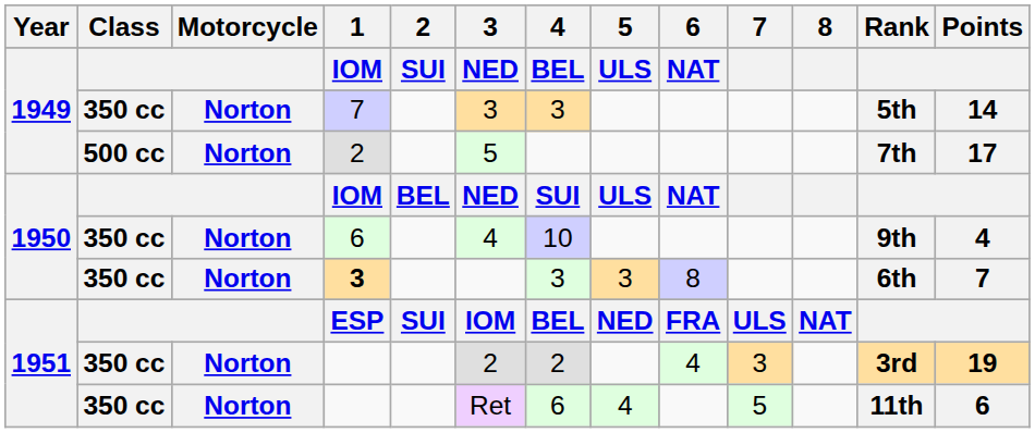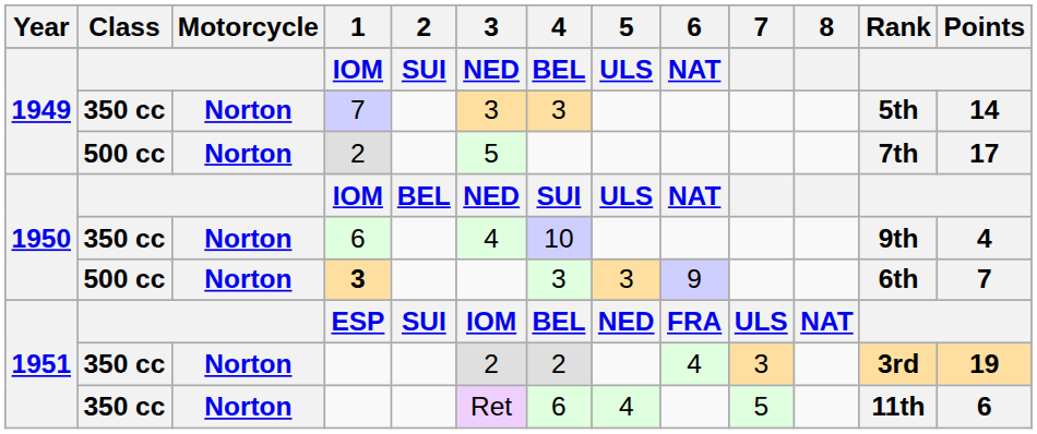 <table class="wikitable" style="text-align:center; font-size:90%">
 <tr>
 <th>Year</th>
 <th>Class</th>
 <th>Motorcycle</th>
 <th>1</th>
 <th>2</th>
 <th>3</th>
 <th>4</th>
 <th>5</th>
 <th>6</th>
 <th>7</th>
 <th>8</th>
 <th>Rank</th>
 <th>Points</th>
 </tr>
 <tr>
 <th rowspan=3><a href='#'>1949</a></th>
 <th colspan=2></th>
 <th><a href='#'>IOM</a></th>
 <th><a href='#'>SUI</a></th>
 <th><a href='#'>NED</a></th>
 <th><a href='#'>BEL</a></th>
 <th><a href='#'>ULS</a></th>
 <th><a href='#'>NAT</a></th>
 <th></th>
 <th></th>
 <th colspan=2></th>
 </tr>
 <tr>
 <th>350 cc</th>
 <th><a href='#'>Norton</a></th>
 <td style="background:#cfcfff;">7</td>
 <td></td>
 <td style="background:#FFDF9F;">3</td>
 <td style="background:#FFDF9F;">3</td>
 <td></td>
 <td></td>
 <td></td>
 <td></td>
 <th>5th</th>
 <th>14</th>
 </tr>
 <tr>
 <th>500 cc</th>
 <th><a href='#'>Norton</a></th>
 <td style="background:#DFDFDF;">2</td>
 <td></td>
 <td style="background:#DFFFDF;">5</td>
 <td></td>
 <td></td>
 <td></td>
 <td></td>
 <td></td>
 <th>7th</th>
 <th>17</th>
 </tr>
 <tr>
 <th rowspan=3><a href='#'>1950</a></th>
 <th colspan=2></th>
 <th><a href='#'>IOM</a></th>
 <th><a href='#'>BEL</a></th>
 <th><a href='#'>NED</a></th>
 <th><a href='#'>SUI</a></th>
 <th><a href='#'>ULS</a></th>
 <th><a href='#'>NAT</a></th>
 <th></th>
 <th></th>
 <th colspan=2></th>
 </tr>
 <tr>
 <th>350 cc</th>
 <th><a href='#'>Norton</a></th>
 <td style="background:#DFFFDF;">6</td>
 <td></td>
 <td style="background:#DFFFDF;">4</td>
 <td style="background:#cfcfff;">10</td>
 <td></td>
 <td></td>
 <td></td>
 <td></td>
 <th>9th</th>
 <th>4</th>
 </tr>
 <tr>
-<th>350 cc</th>
+<th>500 cc</th>
 <th><a href='#'>Norton</a></th>
 <td style="background:#FFDF9F;"><strong>3</strong></td>
 <td></td>
 <td></td>
 <td style="background:#DFFFDF;">3</td>
 <td style="background:#FFDF9F;">3</td>
-<td style="background:#cfcfff;">8</td>
+<td style="background:#cfcfff;">9</td>
 <td></td>
 <td></td>
 <th>6th</th>
 <th>7</th>
 </tr>
 <tr>
 <th rowspan=3><a href='#'>1951</a></th>
 <th colspan=2></th>
 <th><a href='#'>ESP</a></th>
 <th><a href='#'>SUI</a></th>
 <th><a href='#'>IOM</a></th>
 <th><a href='#'>BEL</a></th>
 <th><a href='#'>NED</a></th>
 <th><a href='#'>FRA</a></th>
 <th><a href='#'>ULS</a></th>
 <th><a href='#'>NAT</a></th>
 <th colspan=2></th>
 </tr>
 <tr>
 <th>350 cc</th>
 <th><a href='#'>Norton</a></th>
 <td></td>
 <td></td>
 <td style="background:#DFDFDF;">2</td>
 <td style="background:#DFDFDF;">2</td>
 <td></td>
 <td style="background:#DFFFDF;">4</td>
 <td style="background:#FFDF9F;">3</td>
 <td></td>
 <td style="background:#FFDF9F;"><strong>3rd</strong></td>
 <td style="background:#FFDF9F;"><strong>19</strong></td>
 </tr>
 <tr>
 <th>350 cc</th>
 <th><a href='#'>Norton</a></th>
 <td></td>
 <td></td>
 <td style="background:#efcfff;">Ret</td>
 <td style="background:#DFFFDF;">6</td>
 <td style="background:#DFFFDF;">4</td>
 <td></td>
 <td style="background:#DFFFDF;">5</td>
 <td></td>
 <th>11th</th>
 <th>6</th>
 </tr>
 </table>
